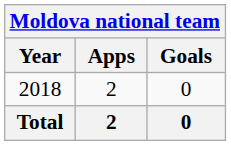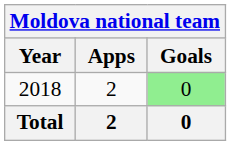 <table class="wikitable" style="text-align:center">
 <tr>
 <th colspan=3><a href='#'>Moldova national team</a></th>
 </tr>
 <tr>
 <th>Year</th>
 <th>Apps</th>
 <th>Goals</th>
 </tr>
 <tr>
 <td>2018</td>
 <td>2</td>
-<td>0</td>
+<td style="background: lightgreen;">0</td>
 </tr>
 <tr>
 <th>Total</th>
 <th>2</th>
 <th>0</th>
 </tr>
 </table>
